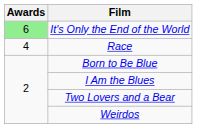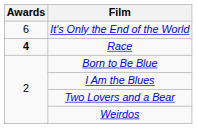 <table class="wikitable" style="text-align: center">
 <tr>
 <th scope="col">Awards</th>
 <th scope="col">Film</th>
 </tr>
 <tr>
-<td style="background: lightgreen;">6</td>
+<td>6</td>
 <td><em><a href='#'>It's Only the End of the World</a></em></td>
 </tr>
 <tr>
-<td>4</td>
+<td><strong>4</strong></td>
 <td><em><a href='#'>Race</a></em></td>
 </tr>
 <tr>
 <td rowspan=4 style="text-align:center;">2</td>
 <td><em><a href='#'>Born to Be Blue</a></em></td>
 </tr>
 <tr>
 <td><em><a href='#'>I Am the Blues</a></em></td>
 </tr>
 <tr>
 <td><em><a href='#'>Two Lovers and a Bear</a></em></td>
 </tr>
 <tr>
 <td><em><a href='#'>Weirdos</a></em></td>
 </tr>
 </table>
